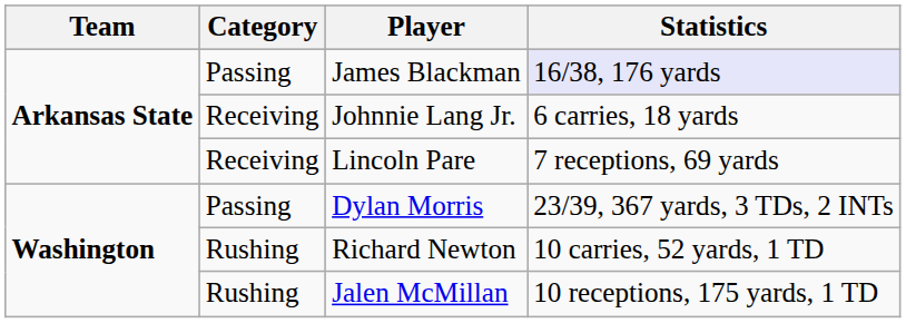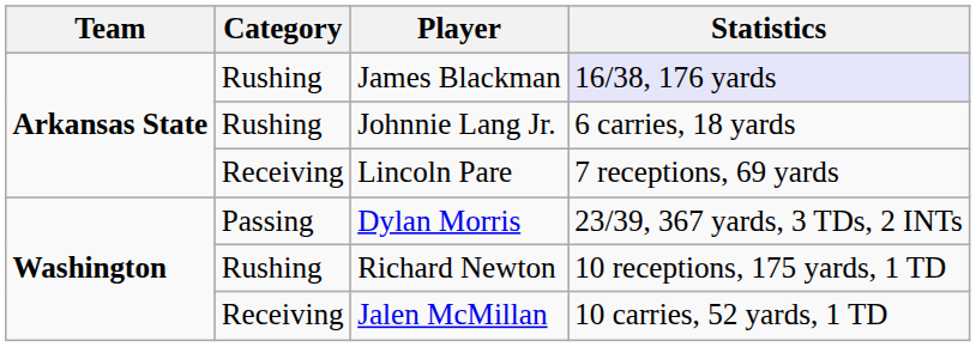 <table class="wikitable" style="float: left;">
 <tr>
 <th>Team</th>
 <th>Category</th>
 <th>Player</th>
 <th>Statistics</th>
 </tr>
 <tr>
 <td rowspan=3><strong>Arkansas State</strong></td>
-<td>Passing</td>
+<td>Rushing</td>
 <td>James Blackman</td>
 <td style="background: lavender;">16/38, 176 yards</td>
 </tr>
 <tr>
-<td>Receiving</td>
+<td>Rushing</td>
 <td>Johnnie Lang Jr.</td>
 <td>6 carries, 18 yards</td>
 </tr>
 <tr>
 <td>Receiving</td>
 <td>Lincoln Pare</td>
 <td>7 receptions, 69 yards</td>
 </tr>
 <tr>
 <td rowspan=3><strong>Washington</strong></td>
 <td>Passing</td>
 <td><a href='#'>Dylan Morris</a></td>
 <td>23/39, 367 yards, 3 TDs, 2 INTs</td>
 </tr>
 <tr>
 <td>Rushing</td>
 <td>Richard Newton</td>
+<td>10 receptions, 175 yards, 1 TD</td>
+</tr>
+<tr>
+<td>Receiving</td>
+<td><a href='#'>Jalen McMillan</a></td>
 <td>10 carries, 52 yards, 1 TD</td>
 </tr>
-<tr>
-<td>Rushing</td>
-<td><a href='#'>Jalen McMillan</a></td>
-<td>10 receptions, 175 yards, 1 TD</td>
-</tr>
 </table>
